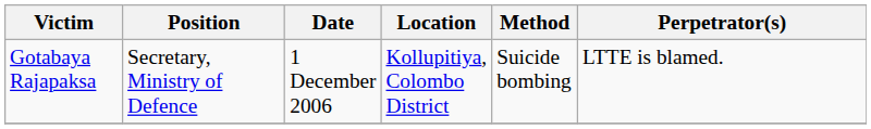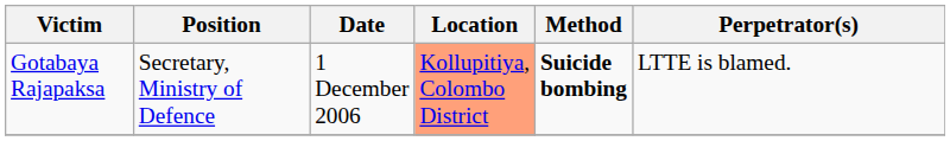 <table class="wikitable" style="font-size:95%;width:100%;valign=top">
 <tr>
 <th width="14%">Victim</th>
 <th width="20%">Position</th>
 <th width="10%">Date</th>
 <th width="10%">Location</th>
 <th width="10%">Method</th>
 <th width="36%">Perpetrator(s)</th>
 </tr>
 <tr valign=top>
 <td><a href='#'>Gotabaya Rajapaksa</a></td>
 <td>Secretary, <a href='#'>Ministry of Defence</a></td>
 <td>1 December 2006</td>
-<td><a href='#'>Kollupitiya</a>, <a href='#'>Colombo District</a></td>
-<td>Suicide bombing</td>
+<td style="background: lightsalmon;"><a href='#'>Kollupitiya</a>, <a href='#'>Colombo District</a></td>
+<td><strong>Suicide bombing</strong></td>
 <td>LTTE is blamed.</td>
 </tr>
 <tr>
 </tr>
 </table>
